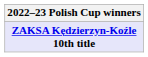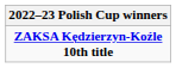 <table class=wikitable style="text-align:center; margin:auto">
 <tr>
 <th>2022–23 Polish Cup winners</th>
 </tr>
 <tr>
-<td style="background: lavender;"><strong><a href='#'>ZAKSA Kędzierzyn-Koźle</a></strong><br><strong>10th title</strong></td>
+<td><strong><a href='#'>ZAKSA Kędzierzyn-Koźle</a></strong><br><strong>10th title</strong></td>
 </tr>
 </table>
